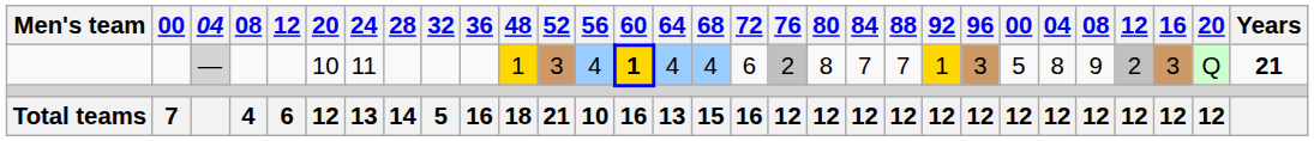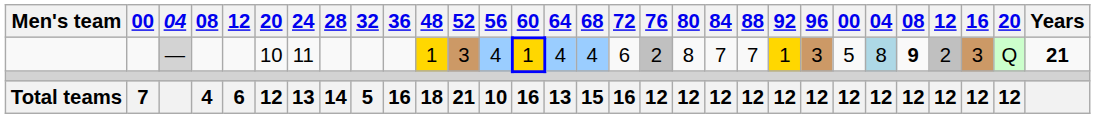 <table class="wikitable" style="text-align: center; font-size: 90%; margin-left: 1em;">
 <tr>
 <th>Men's team</th>
 <th><a href='#'>00</a></th>
 <th><em><a href='#'>04</a></em></th>
 <th><a href='#'>08</a></th>
 <th><a href='#'>12</a></th>
 <th><a href='#'>20</a></th>
 <th><a href='#'>24</a></th>
 <th><a href='#'>28</a></th>
 <th><a href='#'>32</a></th>
 <th><a href='#'>36</a></th>
 <th><a href='#'>48</a></th>
 <th><a href='#'>52</a></th>
 <th><a href='#'>56</a></th>
 <th><a href='#'>60</a></th>
 <th><a href='#'>64</a></th>
 <th><a href='#'>68</a></th>
 <th><a href='#'>72</a></th>
 <th><a href='#'>76</a></th>
 <th><a href='#'>80</a></th>
 <th><a href='#'>84</a></th>
 <th><a href='#'>88</a></th>
 <th><a href='#'>92</a></th>
 <th><a href='#'>96</a></th>
 <th><a href='#'>00</a></th>
 <th><a href='#'>04</a></th>
 <th><a href='#'>08</a></th>
 <th><a href='#'>12</a></th>
 <th><a href='#'>16</a></th>
 <th><a href='#'>20</a></th>
 <th>Years</th>
 </tr>
 <tr>
 <td style="text-align: left;"></td>
 <td></td>
 <td style="background-color: lightgray;">—</td>
 <td></td>
 <td></td>
 <td>10</td>
 <td>11</td>
 <td></td>
 <td></td>
 <td></td>
 <td style="background-color: gold;">1</td>
 <td style="background-color: #cc9966;">3</td>
 <td style="background-color: #9acdff;">4</td>
-<td style="border: 2px solid blue; background-color: gold;"><strong>1</strong></td>
+<td style="border: 2px solid blue; background-color: gold;">1</td>
 <td style="background-color: #9acdff;">4</td>
 <td style="background-color: #9acdff;">4</td>
 <td>6</td>
 <td style="background-color: silver;">2</td>
 <td>8</td>
 <td>7</td>
 <td>7</td>
 <td style="background-color: gold;">1</td>
 <td style="background-color: #cc9966;">3</td>
 <td>5</td>
-<td>8</td>
-<td>9</td>
+<td style="background: lightblue;">8</td>
+<td><strong>9</strong></td>
 <td style="background-color: silver;">2</td>
 <td style="background-color: #cc9966;">3</td>
 <td style="background-color: #ccffcc;">Q</td>
 <td><strong>21</strong></td>
 </tr>
 <tr style="background-color: lightgrey;">
 <td colspan="30"></td>
 </tr>
 <tr>
 <th>Total teams</th>
 <th>7</th>
 <th></th>
 <th>4</th>
 <th>6</th>
 <th>12</th>
 <th>13</th>
 <th>14</th>
 <th>5</th>
 <th>16</th>
 <th>18</th>
 <th>21</th>
 <th>10</th>
 <th>16</th>
 <th>13</th>
 <th>15</th>
 <th>16</th>
 <th>12</th>
 <th>12</th>
 <th>12</th>
 <th>12</th>
 <th>12</th>
 <th>12</th>
 <th>12</th>
 <th>12</th>
 <th>12</th>
 <th>12</th>
 <th>12</th>
 <th>12</th>
 <th></th>
 </tr>
 </table>
